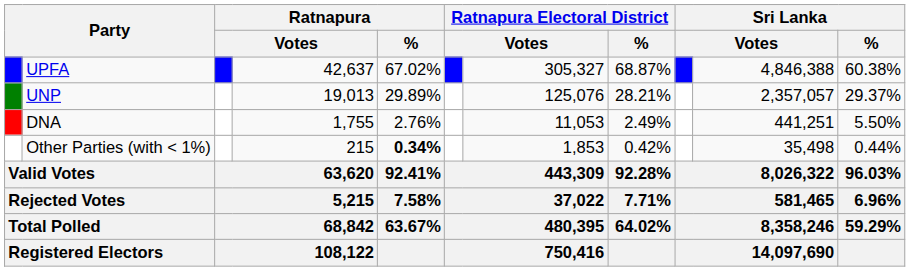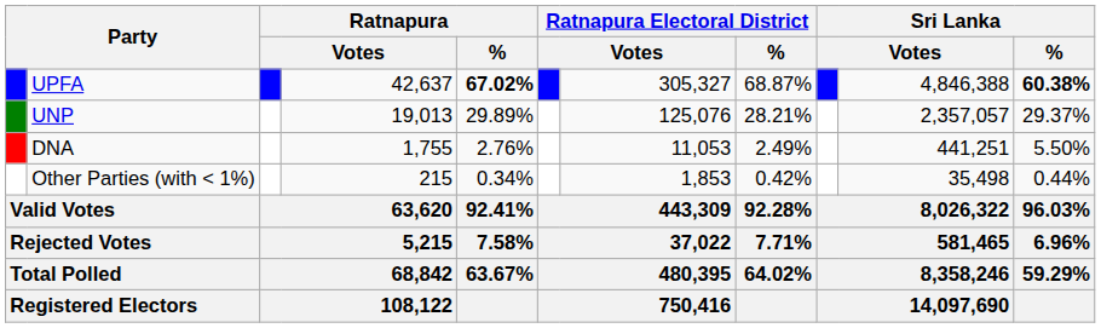 <table class="wikitable">
 <tr>
 <th colspan="2" width="144px"rowspan="2">Party</th>
 <th colspan="3" width="216px">Ratnapura</th>
 <th colspan="3" width="216px"><a href='#'>Ratnapura Electoral District</a></th>
 <th colspan="3" width="216px">Sri Lanka</th>
 </tr>
 <tr>
 <th colspan="2" width="144px">Votes</th>
 <th>%</th>
 <th colspan="2" width="144px">Votes</th>
 <th>%</th>
 <th colspan="2" width="144px">Votes</th>
 <th>%</th>
 </tr>
 <tr>
 <td style="background-color:blue;" width="10px"></td>
 <td style="text-align:left;"><a href='#'>UPFA</a></td>
 <td style="background-color:blue;" width="10px"></td>
 <td style="text-align:right;">42,637</td>
-<td style="text-align:right;">67.02%</td>
+<td style="text-align:right;"><strong>67.02%</strong></td>
 <td style="background-color:blue;" width="10px"></td>
 <td style="text-align:right;">305,327</td>
 <td style="text-align:right;">68.87%</td>
 <td style="background-color:blue;" width="10px"></td>
 <td style="text-align:right;">4,846,388</td>
-<td style="text-align:right;">60.38%</td>
+<td style="text-align:right;"><strong>60.38%</strong></td>
 </tr>
 <tr>
 <td style="background-color:green;" width="10px"></td>
 <td style="text-align:left;"><a href='#'>UNP</a></td>
 <td style="background-color:white;" width="10px"></td>
 <td style="text-align:right;">19,013</td>
 <td style="text-align:right;">29.89%</td>
 <td style="background-color:white;" width="10px"></td>
 <td style="text-align:right;">125,076</td>
 <td style="text-align:right;">28.21%</td>
 <td style="background-color:white;" width="10px"></td>
 <td style="text-align:right;">2,357,057</td>
 <td style="text-align:right;">29.37%</td>
 </tr>
 <tr>
 <td style="background-color:red;" width="10px"></td>
 <td style="text-align:left;">DNA</td>
 <td style="background-color:white;" width="10px"></td>
 <td style="text-align:right;">1,755</td>
 <td style="text-align:right;">2.76%</td>
 <td style="background-color:white;" width="10px"></td>
 <td style="text-align:right;">11,053</td>
 <td style="text-align:right;">2.49%</td>
 <td style="background-color:white;" width="10px"></td>
 <td style="text-align:right;">441,251</td>
 <td style="text-align:right;">5.50%</td>
 </tr>
 <tr>
 <td style="background-color:white;" width="10px"></td>
 <td style="text-align:left;">Other Parties (with < 1%)</td>
 <td style="background-color:white;" width="10px"></td>
 <td style="text-align:right;">215</td>
-<td style="text-align:right;"><strong>0.34%</strong></td>
+<td style="text-align:right;">0.34%</td>
 <td style="background-color:white;" width="10px"></td>
 <td style="text-align:right;">1,853</td>
 <td style="text-align:right;">0.42%</td>
 <td style="background-color:white;" width="10px"></td>
 <td style="text-align:right;">35,498</td>
 <td style="text-align:right;">0.44%</td>
 </tr>
 <tr>
 <th colspan="2" width="144px"style="text-align:left;">Valid Votes</th>
 <th style="text-align:right;"colspan="2" width="144px">63,620</th>
 <th style="text-align:right;">92.41%</th>
 <th style="text-align:right;"colspan="2" width="144px">443,309</th>
 <th style="text-align:right;">92.28%</th>
 <th style="text-align:right;"colspan="2" width="144px">8,026,322</th>
 <th style="text-align:right;">96.03%</th>
 </tr>
 <tr>
 <th colspan="2" width="144px"style="text-align:left;">Rejected Votes</th>
 <th style="text-align:right;"colspan="2" width="144px">5,215</th>
 <th style="text-align:right;">7.58%</th>
 <th style="text-align:right;"colspan="2" width="144px">37,022</th>
 <th style="text-align:right;">7.71%</th>
 <th style="text-align:right;"colspan="2" width="144px">581,465</th>
 <th style="text-align:right;">6.96%</th>
 </tr>
 <tr>
 <th colspan="2" width="144px"style="text-align:left;">Total Polled</th>
 <th style="text-align:right;"colspan="2" width="144px">68,842</th>
 <th style="text-align:right;">63.67%</th>
 <th style="text-align:right;"colspan="2" width="144px">480,395</th>
 <th style="text-align:right;">64.02%</th>
 <th style="text-align:right;"colspan="2" width="144px">8,358,246</th>
 <th style="text-align:right;">59.29%</th>
 </tr>
 <tr>
 <th colspan="2" width="144px"style="text-align:left;">Registered Electors</th>
 <th style="text-align:right;"colspan="2" width="144px">108,122</th>
 <th></th>
 <th style="text-align:right;"colspan="2" width="144px">750,416</th>
 <th></th>
 <th style="text-align:right;"colspan="2" width="144px">14,097,690</th>
 <th></th>
 </tr>
 </table>
